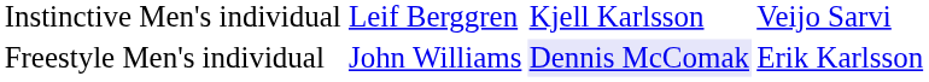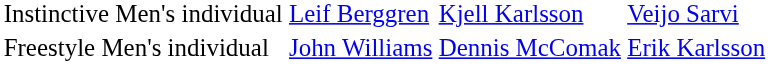 <table>
 <tr>
 <td>Instinctive Men's individual<br></td>
 <td> <a href='#'>Leif Berggren</a></td>
 <td> <a href='#'>Kjell Karlsson</a></td>
 <td> <a href='#'>Veijo Sarvi</a></td>
 </tr>
 <tr>
 <td>Freestyle Men's individual<br></td>
 <td> <a href='#'>John Williams</a></td>
-<td style="background: lavender;"> <a href='#'>Dennis McComak</a></td>
+<td> <a href='#'>Dennis McComak</a></td>
 <td> <a href='#'>Erik Karlsson</a></td>
 </tr>
 </table>
